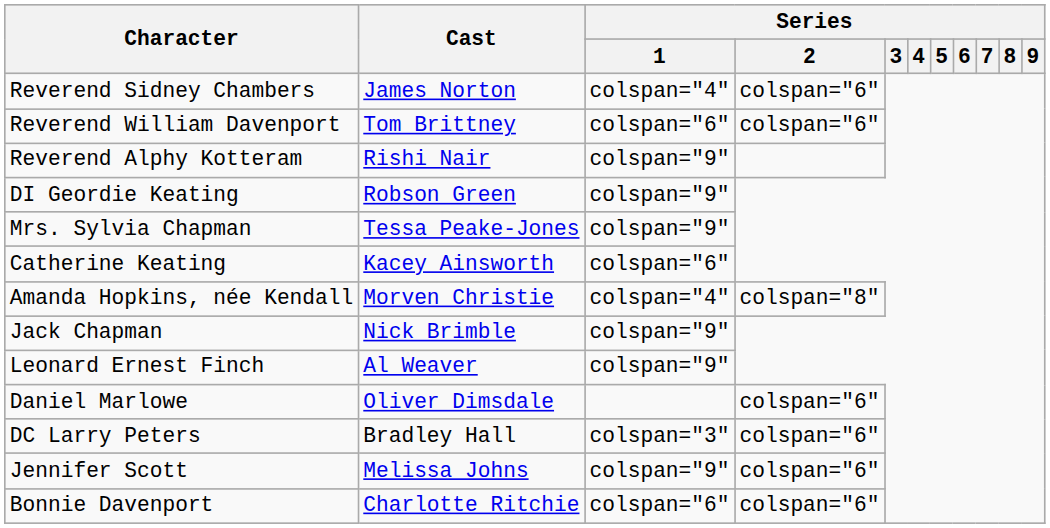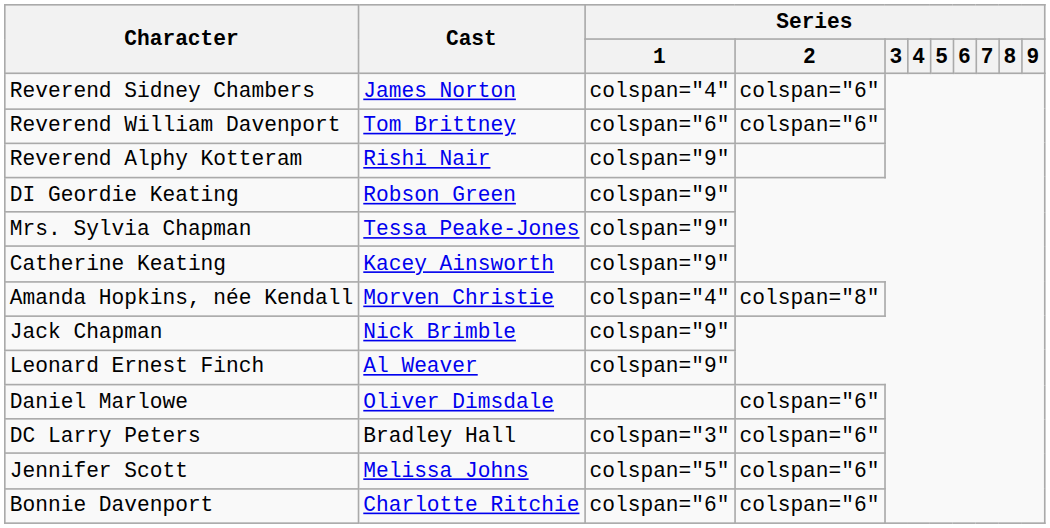 <table class="wikitable">
 <tr>
 <th rowspan="2">Character</th>
 <th rowspan="2">Cast</th>
 <th colspan="9">Series</th>
 </tr>
 <tr>
 <th>1</th>
 <th>2</th>
 <th>3</th>
 <th>4</th>
 <th>5</th>
 <th>6</th>
 <th>7</th>
 <th>8</th>
 <th>9</th>
 </tr>
 <tr>
 <td>Reverend Sidney Chambers</td>
 <td><a href='#'>James Norton</a></td>
 <td>colspan="4" </td>
 <td>colspan="6" </td>
 </tr>
 <tr>
 <td>Reverend William Davenport</td>
 <td><a href='#'>Tom Brittney</a></td>
 <td>colspan="6" </td>
 <td>colspan="6" </td>
 </tr>
 <tr>
 <td>Reverend Alphy Kotteram</td>
 <td><a href='#'>Rishi Nair</a></td>
 <td>colspan="9" </td>
 <td></td>
 </tr>
 <tr>
 <td>DI Geordie Keating</td>
 <td><a href='#'>Robson Green</a></td>
 <td>colspan="9" </td>
 </tr>
 <tr>
 <td>Mrs. Sylvia Chapman</td>
 <td><a href='#'>Tessa Peake-Jones</a></td>
 <td>colspan="9" </td>
 </tr>
 <tr>
 <td>Catherine Keating</td>
 <td><a href='#'>Kacey Ainsworth</a></td>
-<td>colspan="6" </td>
+<td>colspan="9" </td>
 </tr>
 <tr>
 <td>Amanda Hopkins, née Kendall</td>
 <td><a href='#'>Morven Christie</a></td>
 <td>colspan="4" </td>
 <td>colspan="8" </td>
 </tr>
 <tr>
 <td>Jack Chapman</td>
 <td><a href='#'>Nick Brimble</a></td>
 <td>colspan="9" </td>
 </tr>
 <tr>
 <td>Leonard Ernest Finch</td>
 <td><a href='#'>Al Weaver</a></td>
 <td>colspan="9" </td>
 </tr>
 <tr>
 <td>Daniel Marlowe</td>
 <td><a href='#'>Oliver Dimsdale</a></td>
 <td></td>
 <td>colspan="6" </td>
 </tr>
 <tr>
 <td>DC Larry Peters</td>
 <td>Bradley Hall</td>
 <td>colspan="3" </td>
 <td>colspan="6" </td>
 </tr>
 <tr>
 <td>Jennifer Scott</td>
 <td><a href='#'>Melissa Johns</a></td>
-<td>colspan="9" </td>
+<td>colspan="5" </td>
 <td>colspan="6" </td>
 </tr>
 <tr>
 <td>Bonnie Davenport</td>
 <td><a href='#'>Charlotte Ritchie</a></td>
 <td>colspan="6" </td>
 <td>colspan="6" </td>
 </tr>
 </table>
